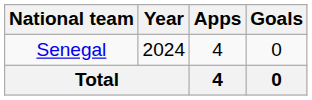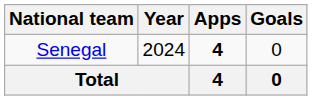 <table class="wikitable" style="text-align: center;">
 <tr>
 <th>National team</th>
 <th>Year</th>
 <th>Apps</th>
 <th>Goals</th>
 </tr>
 <tr>
 <td><a href='#'>Senegal</a></td>
 <td>2024</td>
-<td>4</td>
+<td><strong>4</strong></td>
 <td>0</td>
 </tr>
 <tr>
 <th colspan=2>Total</th>
 <th>4</th>
 <th>0</th>
 </tr>
 </table>
